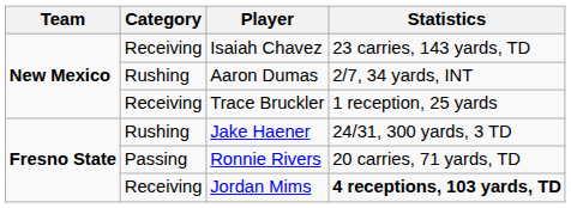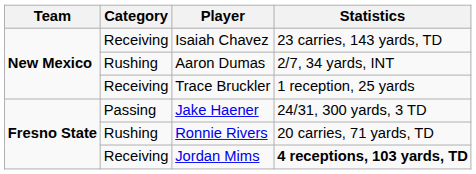 <table class="wikitable" style="float: left;">
 <tr>
 <th>Team</th>
 <th>Category</th>
 <th>Player</th>
 <th>Statistics</th>
 </tr>
 <tr>
 <td rowspan=3><strong>New Mexico</strong></td>
 <td>Receiving</td>
 <td>Isaiah Chavez</td>
 <td>23 carries, 143 yards, TD</td>
 </tr>
 <tr>
 <td>Rushing</td>
 <td>Aaron Dumas</td>
 <td>2/7, 34 yards, INT</td>
 </tr>
 <tr>
 <td>Receiving</td>
 <td>Trace Bruckler</td>
 <td>1 reception, 25 yards</td>
 </tr>
 <tr>
 <td rowspan=3><strong>Fresno State</strong></td>
-<td>Rushing</td>
+<td>Passing</td>
 <td><a href='#'>Jake Haener</a></td>
 <td>24/31, 300 yards, 3 TD</td>
 </tr>
 <tr>
-<td>Passing</td>
+<td>Rushing</td>
 <td><a href='#'>Ronnie Rivers</a></td>
 <td>20 carries, 71 yards, TD</td>
 </tr>
 <tr>
 <td>Receiving</td>
 <td><a href='#'>Jordan Mims</a></td>
 <td><strong>4 receptions, 103 yards, TD</strong></td>
 </tr>
 </table>
